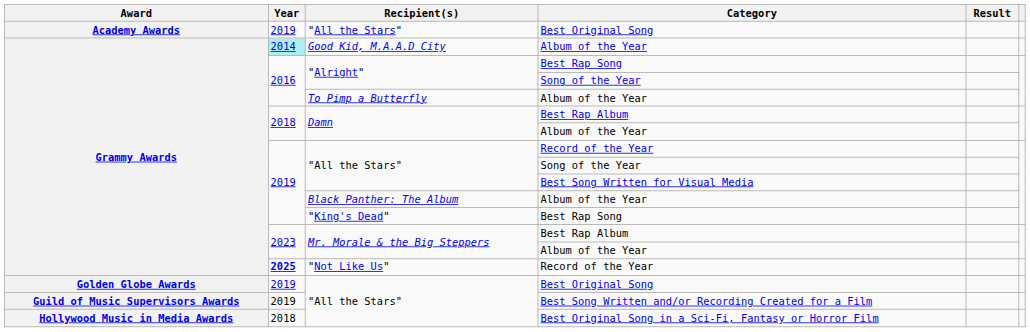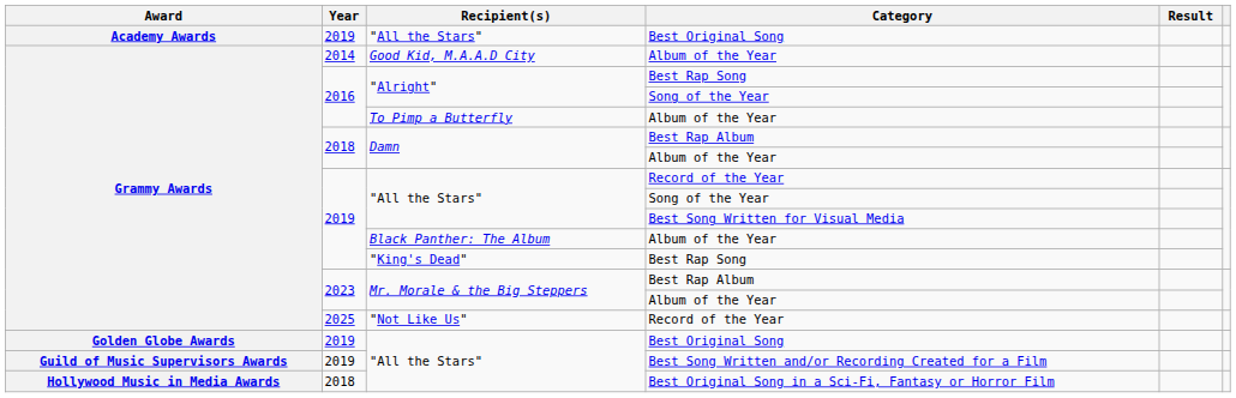 <table class="wikitable sortable plainrowheaders" style="width: 101%;">
 <tr>
 <th scope="col">Award</th>
 <th scope="col">Year</th>
 <th scope="col">Recipient(s)</th>
 <th scope="col">Category</th>
 <th scope="col">Result</th>
 <th scope="col" class="unsortable"></th>
 </tr>
 <tr>
 <th scope="row"><a href='#'>Academy Awards</a></th>
 <td><a href='#'>2019</a></td>
 <td>"<a href='#'>All the Stars</a>"</td>
 <td><a href='#'>Best Original Song</a></td>
 <td></td>
 <td></td>
 </tr>
 <tr>
 <th rowspan=14 scope="row"><a href='#'>Grammy Awards</a></th>
-<td style="background: paleturquoise;"><a href='#'>2014</a></td>
+<td><a href='#'>2014</a></td>
 <td><em><a href='#'>Good Kid, M.A.A.D City</a></em></td>
 <td><a href='#'>Album of the Year</a></td>
 <td></td>
 <td></td>
 </tr>
 <tr>
 <td rowspan="3"><a href='#'>2016</a></td>
 <td rowspan="2">"<a href='#'>Alright</a>"</td>
 <td><a href='#'>Best Rap Song</a></td>
 <td></td>
 <td rowspan="3"></td>
 </tr>
 <tr>
 <td><a href='#'>Song of the Year</a></td>
 <td></td>
 </tr>
 <tr>
 <td><em><a href='#'>To Pimp a Butterfly</a></em></td>
 <td>Album of the Year</td>
 <td></td>
 </tr>
 <tr>
 <td rowspan="2"><a href='#'>2018</a></td>
 <td rowspan="2"><em><a href='#'>Damn</a></em></td>
 <td><a href='#'>Best Rap Album</a></td>
 <td></td>
 <td rowspan="2"></td>
 </tr>
 <tr>
 <td>Album of the Year</td>
 <td></td>
 </tr>
 <tr>
 <td rowspan="5"><a href='#'>2019</a></td>
 <td rowspan="3">"All the Stars"</td>
 <td><a href='#'>Record of the Year</a></td>
 <td></td>
 <td rowspan="5"></td>
 </tr>
 <tr>
 <td>Song of the Year</td>
 <td></td>
 </tr>
 <tr>
 <td><a href='#'>Best Song Written for Visual Media</a></td>
 <td></td>
 </tr>
 <tr>
 <td><em><a href='#'>Black Panther: The Album</a></em></td>
 <td>Album of the Year</td>
 <td></td>
 </tr>
 <tr>
 <td>"<a href='#'>King's Dead</a>"</td>
 <td>Best Rap Song</td>
 <td></td>
 </tr>
 <tr>
 <td rowspan="2"><a href='#'>2023</a></td>
 <td rowspan="2"><em><a href='#'>Mr. Morale & the Big Steppers</a></em></td>
 <td>Best Rap Album</td>
 <td></td>
 <td rowspan="2"></td>
 </tr>
 <tr>
 <td>Album of the Year</td>
 <td></td>
 </tr>
 <tr>
-<td><strong><a href='#'>2025</a></strong></td>
+<td><a href='#'>2025</a></td>
 <td>"<a href='#'>Not Like Us</a>"</td>
 <td>Record of the Year</td>
 <td></td>
 <td></td>
 </tr>
 <tr>
 <th scope="row"><a href='#'>Golden Globe Awards</a></th>
 <td><a href='#'>2019</a></td>
 <td rowspan="3">"All the Stars"</td>
 <td><a href='#'>Best Original Song</a></td>
 <td></td>
 <td></td>
 </tr>
 <tr>
 <th scope="row"><a href='#'>Guild of Music Supervisors Awards</a></th>
 <td>2019</td>
 <td><a href='#'>Best Song Written and/or Recording Created for a Film</a></td>
 <td></td>
 <td></td>
 </tr>
 <tr>
 <th scope="row"><a href='#'>Hollywood Music in Media Awards</a></th>
 <td>2018</td>
 <td><a href='#'>Best Original Song in a Sci-Fi, Fantasy or Horror Film</a></td>
 <td></td>
 <td></td>
 </tr>
 </table>
